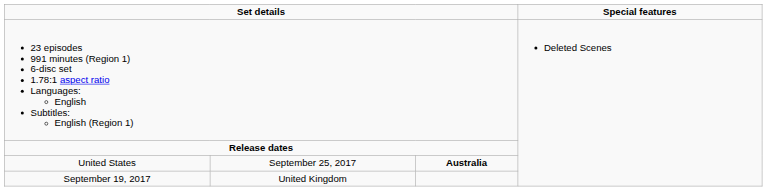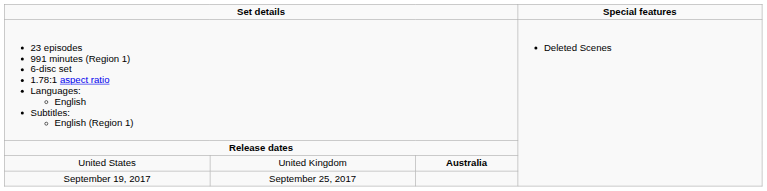 <table class="wikitable plainrowheaders" style="text-align:center; width: 100%;">
 <tr>
 <td align="center" width="300" colspan="3"><strong>Set details</strong></td>
 <td width="400" align="center"><strong>Special features</strong></td>
 </tr>
 <tr valign="top">
 <td colspan="3" align="left" width="300"><br><ul><li>23 episodes</li><li>991 minutes (Region 1)</li><li>6-disc set</li><li>1.78:1 <a href='#'>aspect ratio</a></li><li>Languages:<ul><li>English</li></ul></li><li>Subtitles:<ul><li>English (Region 1)</li></ul></li></ul></td>
 <td rowspan="4" align="left" width="400"><br><ul><li>Deleted Scenes</li></ul></td>
 </tr>
 <tr>
 <td colspan="3" align="center"><strong>Release dates</strong></td>
 </tr>
 <tr>
 <td align="center">United States</td>
-<td align="center">September 25, 2017</td>
+<td align="center">United Kingdom</td>
 <td align="center"><strong>Australia</strong></td>
 </tr>
 <tr>
 <td align="center">September 19, 2017</td>
-<td align="center">United Kingdom</td>
+<td align="center">September 25, 2017</td>
 <td align="center"></td>
 </tr>
 </table>
